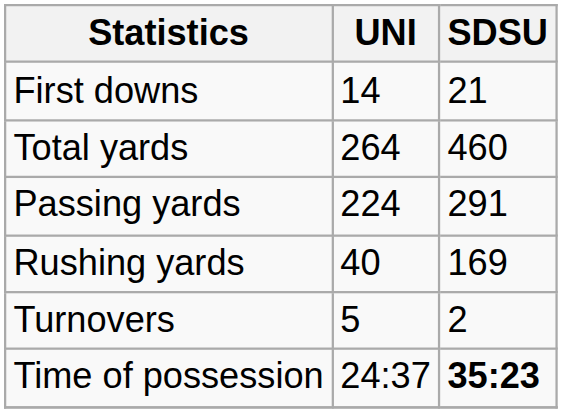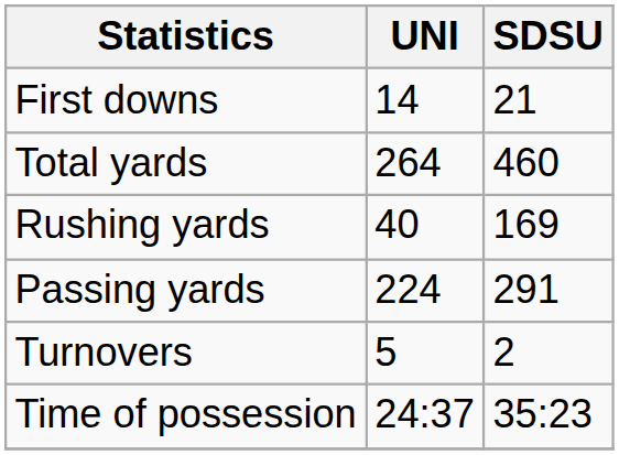 <table class="wikitable">
 <tr>
 <th>Statistics</th>
 <th>UNI</th>
 <th>SDSU</th>
 </tr>
 <tr>
 <td>First downs</td>
 <td>14</td>
 <td>21</td>
 </tr>
 <tr>
 <td>Total yards</td>
 <td>264</td>
 <td>460</td>
 </tr>
 <tr>
+<td>Rushing yards</td>
+<td>40</td>
+<td>169</td>
+</tr>
+<tr>
 <td>Passing yards</td>
 <td>224</td>
 <td>291</td>
-</tr>
-<tr>
-<td>Rushing yards</td>
-<td>40</td>
-<td>169</td>
 </tr>
 <tr>
 <td>Turnovers</td>
 <td>5</td>
 <td>2</td>
 </tr>
 <tr>
 <td>Time of possession</td>
 <td>24:37</td>
-<td><strong>35:23</strong></td>
+<td>35:23</td>
 </tr>
 <tr>
 </tr>
 </table>
